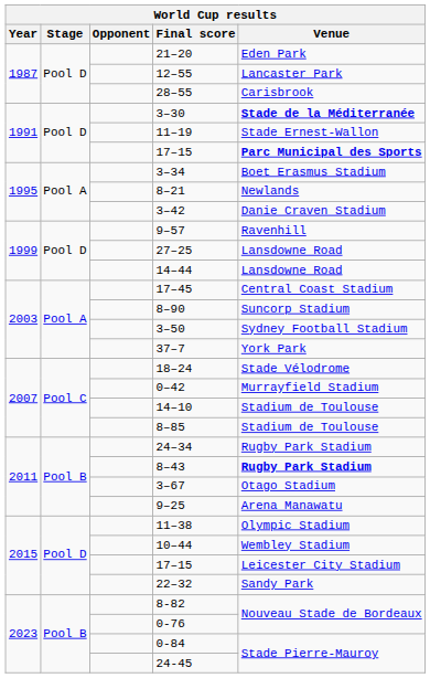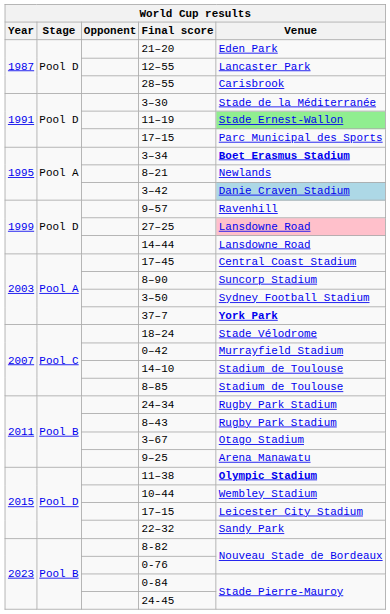 <table class="wikitable sortable collapsible collapsed"  style="margin:auto; margin:1em; margin-top:0; margin:auto;">
 <tr>
 <th colspan="6"><span>World Cup results</span></th>
 </tr>
 <tr>
 <th>Year</th>
 <th>Stage</th>
 <th>Opponent</th>
 <th>Final score</th>
 <th>Venue</th>
 </tr>
 <tr>
 <td style="text-align:center" rowspan="3"><a href='#'>1987</a></td>
 <td style="text-align:center" rowspan="3">Pool D</td>
 <td></td>
 <td>21–20</td>
 <td><a href='#'>Eden Park</a></td>
 </tr>
 <tr>
 <td></td>
 <td>12–55</td>
 <td><a href='#'>Lancaster Park</a></td>
 </tr>
 <tr>
 <td></td>
 <td>28–55</td>
 <td><a href='#'>Carisbrook</a></td>
 </tr>
 <tr>
 <td style="text-align:center" rowspan="3"><a href='#'>1991</a></td>
 <td style="text-align:center" rowspan="3">Pool D</td>
 <td></td>
 <td>3–30</td>
-<td><strong><a href='#'>Stade de la Méditerranée</a></strong></td>
+<td><a href='#'>Stade de la Méditerranée</a></td>
 </tr>
 <tr>
 <td></td>
 <td>11–19</td>
-<td><a href='#'>Stade Ernest-Wallon</a></td>
+<td style="background: lightgreen;"><a href='#'>Stade Ernest-Wallon</a></td>
 </tr>
 <tr>
 <td></td>
 <td>17–15</td>
-<td><strong><a href='#'>Parc Municipal des Sports</a></strong></td>
+<td><a href='#'>Parc Municipal des Sports</a></td>
 </tr>
 <tr>
 <td style="text-align:center" rowspan="3"><a href='#'>1995</a></td>
 <td style="text-align:center" rowspan="3">Pool A</td>
 <td></td>
 <td>3–34</td>
-<td><a href='#'>Boet Erasmus Stadium</a></td>
+<td><strong><a href='#'>Boet Erasmus Stadium</a></strong></td>
 </tr>
 <tr>
 <td></td>
 <td>8–21</td>
 <td><a href='#'>Newlands</a></td>
 </tr>
 <tr>
 <td></td>
 <td>3–42</td>
-<td><a href='#'>Danie Craven Stadium</a></td>
+<td style="background: lightblue;"><a href='#'>Danie Craven Stadium</a></td>
 </tr>
 <tr>
 <td style="text-align:center" rowspan="3"><a href='#'>1999</a></td>
 <td style="text-align:center" rowspan="3">Pool D</td>
 <td></td>
 <td>9–57</td>
 <td><a href='#'>Ravenhill</a></td>
 </tr>
 <tr>
 <td></td>
 <td>27–25</td>
-<td><a href='#'>Lansdowne Road</a></td>
+<td style="background: pink;"><a href='#'>Lansdowne Road</a></td>
 </tr>
 <tr>
 <td></td>
 <td>14–44</td>
 <td><a href='#'>Lansdowne Road</a></td>
 </tr>
 <tr>
 <td style="text-align:center" rowspan="4"><a href='#'>2003</a></td>
 <td style="text-align:center" rowspan="4"><a href='#'>Pool A</a></td>
 <td></td>
 <td>17–45</td>
 <td><a href='#'>Central Coast Stadium</a></td>
 </tr>
 <tr>
 <td></td>
 <td>8–90</td>
 <td><a href='#'>Suncorp Stadium</a></td>
 </tr>
 <tr>
 <td></td>
 <td>3–50</td>
 <td><a href='#'>Sydney Football Stadium</a></td>
 </tr>
 <tr>
 <td></td>
 <td>37–7</td>
-<td><a href='#'>York Park</a></td>
+<td><strong><a href='#'>York Park</a></strong></td>
 </tr>
 <tr>
 <td style="text-align:center" rowspan="4"><a href='#'>2007</a></td>
 <td style="text-align:center" rowspan="4"><a href='#'>Pool C</a></td>
 <td></td>
 <td>18–24</td>
 <td><a href='#'>Stade Vélodrome</a></td>
 </tr>
 <tr>
 <td></td>
 <td>0–42</td>
 <td><a href='#'>Murrayfield Stadium</a></td>
 </tr>
 <tr>
 <td></td>
 <td>14–10</td>
 <td><a href='#'>Stadium de Toulouse</a></td>
 </tr>
 <tr>
 <td></td>
 <td>8–85</td>
 <td><a href='#'>Stadium de Toulouse</a></td>
 </tr>
 <tr>
 <td style="text-align:center" rowspan="4"><a href='#'>2011</a></td>
 <td style="text-align:center" rowspan="4"><a href='#'>Pool B</a></td>
 <td></td>
 <td>24–34</td>
 <td><a href='#'>Rugby Park Stadium</a></td>
 </tr>
 <tr>
 <td></td>
 <td>8–43</td>
-<td><strong><a href='#'>Rugby Park Stadium</a></strong></td>
+<td><a href='#'>Rugby Park Stadium</a></td>
 </tr>
 <tr>
 <td></td>
 <td>3–67</td>
 <td><a href='#'>Otago Stadium</a></td>
 </tr>
 <tr>
 <td></td>
 <td>9–25</td>
 <td><a href='#'>Arena Manawatu</a></td>
 </tr>
 <tr>
 <td style="text-align:center" rowspan="4"><a href='#'>2015</a></td>
 <td style="text-align:center" rowspan="4"><a href='#'>Pool D</a></td>
 <td></td>
 <td>11–38</td>
-<td><a href='#'>Olympic Stadium</a></td>
+<td><strong><a href='#'>Olympic Stadium</a></strong></td>
 </tr>
 <tr>
 <td></td>
 <td>10–44</td>
 <td><a href='#'>Wembley Stadium</a></td>
 </tr>
 <tr>
 <td></td>
 <td>17–15</td>
 <td><a href='#'>Leicester City Stadium</a></td>
 </tr>
 <tr>
 <td></td>
 <td>22–32</td>
 <td><a href='#'>Sandy Park</a></td>
 </tr>
 <tr>
 <td rowspan=4><a href='#'>2023</a></td>
 <td rowspan=4><a href='#'>Pool B</a></td>
 <td></td>
 <td>8-82</td>
 <td rowspan=2><a href='#'>Nouveau Stade de Bordeaux</a></td>
 </tr>
 <tr>
 <td></td>
 <td>0-76</td>
 </tr>
 <tr>
 <td></td>
 <td>0-84</td>
 <td rowspan=2><a href='#'>Stade Pierre-Mauroy</a></td>
 </tr>
 <tr>
 <td></td>
 <td>24-45</td>
 </tr>
 </table>
